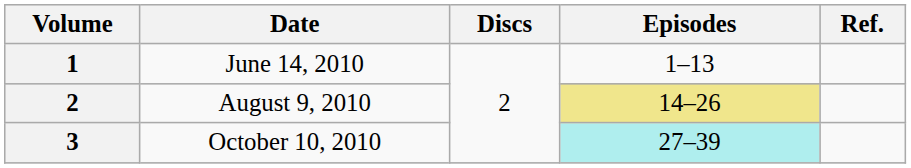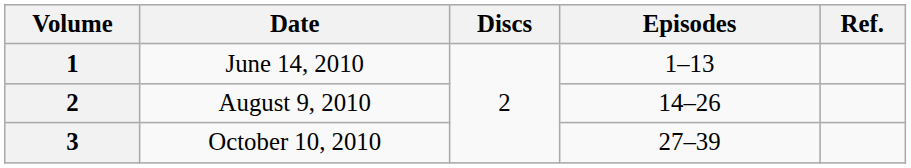 <table class="wikitable" style="text-align:center;">
 <tr>
 <th scope="col" style="width:5em;">Volume</th>
 <th scope="col" style="width:12em;">Date</th>
 <th scope="col" style="width:4em;">Discs</th>
 <th scope="col" style="width:10em;">Episodes</th>
 <th scope="col" style="width:3em;">Ref.</th>
 </tr>
 <tr>
 <th scope="row">1</th>
 <td>June 14, 2010</td>
 <td rowspan="3">2</td>
 <td>1–13</td>
 <td></td>
 </tr>
 <tr>
 <th scope="row">2</th>
 <td>August 9, 2010</td>
-<td style="background: khaki;">14–26</td>
+<td>14–26</td>
 <td></td>
 </tr>
 <tr>
 <th scope="row">3</th>
 <td>October 10, 2010</td>
-<td style="background: paleturquoise;">27–39</td>
+<td>27–39</td>
 <td></td>
 </tr>
 </table>
